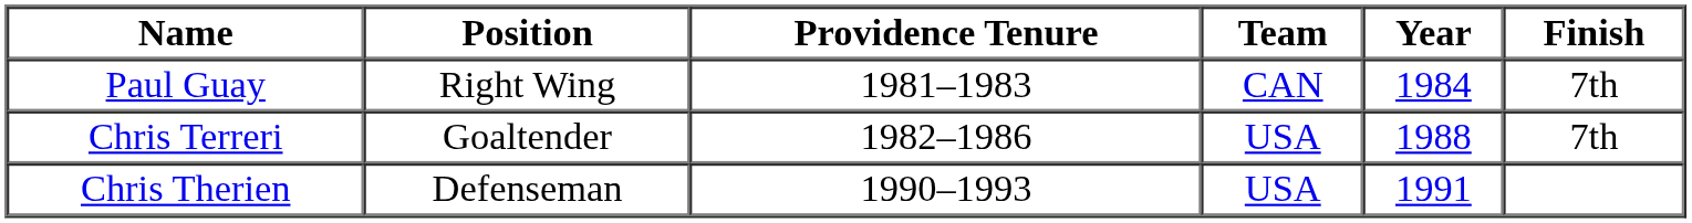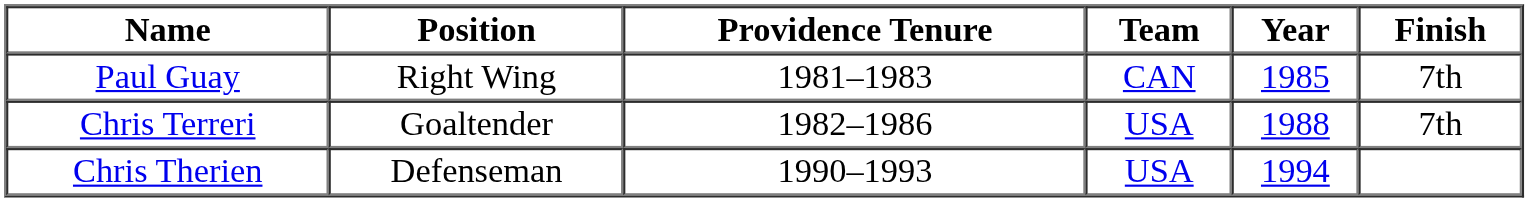 <table cellpadding="1" border="1" cellspacing="0" width="80%">
 <tr>
 <th>Name</th>
 <th>Position</th>
 <th>Providence Tenure</th>
 <th>Team</th>
 <th>Year</th>
 <th>Finish</th>
 </tr>
 <tr align="center">
 <td><a href='#'>Paul Guay</a></td>
 <td>Right Wing</td>
 <td>1981–1983</td>
 <td> <a href='#'>CAN</a></td>
-<td><a href='#'>1984</a></td>
+<td><a href='#'>1985</a></td>
 <td>7th</td>
 </tr>
 <tr align="center">
 <td><a href='#'>Chris Terreri</a></td>
 <td>Goaltender</td>
 <td>1982–1986</td>
 <td> <a href='#'>USA</a></td>
 <td><a href='#'>1988</a></td>
 <td>7th</td>
 </tr>
 <tr align="center">
 <td><a href='#'>Chris Therien</a></td>
 <td>Defenseman</td>
 <td>1990–1993</td>
 <td> <a href='#'>USA</a></td>
-<td><a href='#'>1991</a></td>
+<td><a href='#'>1994</a></td>
 <td></td>
 </tr>
 <tr align="center">
 </tr>
 </table>
